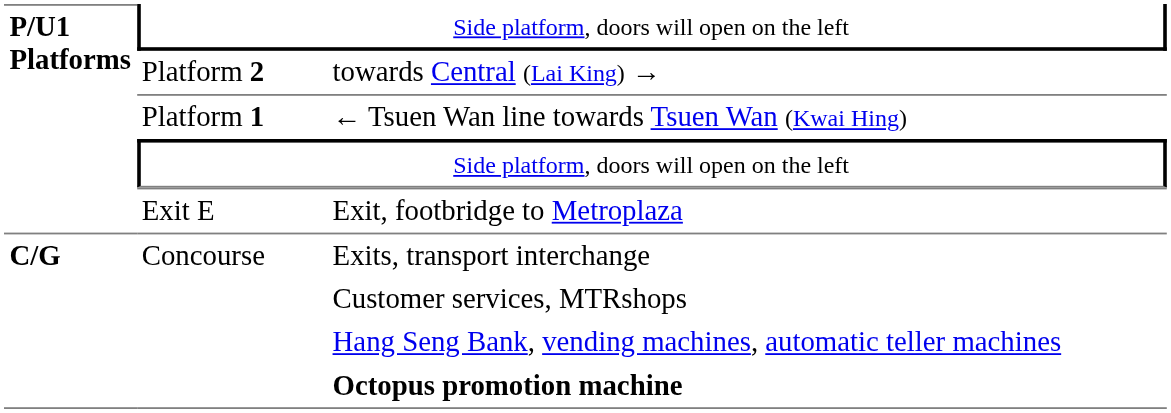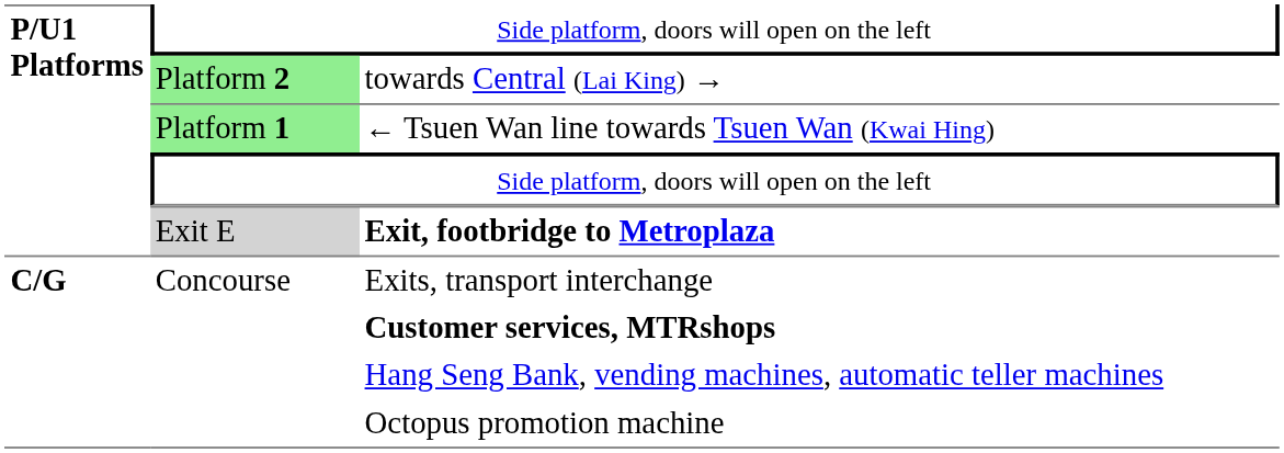 <table border=0 cellspacing=0 cellpadding=3>
 <tr>
 <td style = "border-top:solid 1px gray;border-bottom:solid 1px gray;width:50px;vertical-align:top;" rowspan=5><strong>P/U1<br>Platforms</strong></td>
 <td style = "border-right:solid 2px black;border-left:solid 2px black;border-bottom:solid 2px black;text-align:center;" colspan=2><small><a href='#'>Side platform</a>, doors will open on the left</small></td>
 </tr>
 <tr>
-<td style = "border-bottom:solid 1px gray;">Platform <span><strong>2</strong></span></td>
+<td style = "background: lightgreen; border-bottom:solid 1px gray;">Platform <span><strong>2</strong></span></td>
 <td style = "border-bottom:solid 1px gray;">  towards <a href='#'>Central</a> <small>(<a href='#'>Lai King</a>)</small> →</td>
 </tr>
 <tr>
-<td>Platform <span><strong>1</strong></span></td>
+<td style="background: lightgreen;">Platform <span><strong>1</strong></span></td>
 <td>←  Tsuen Wan line towards <a href='#'>Tsuen Wan</a> <small>(<a href='#'>Kwai Hing</a>)</small></td>
 </tr>
 <tr>
 <td style = "border-top:solid 2px black;border-right:solid 2px black;border-left:solid 2px black;border-bottom:solid 1px gray;text-align:center;" colspan=2><small><a href='#'>Side platform</a>, doors will open on the left</small></td>
 </tr>
 <tr>
-<td style = "border-top:solid 1px gray;border-bottom:solid 1px gray;width:100px;">Exit E</td>
-<td style = "border-top:solid 1px gray;border-bottom:solid 1px gray;width:460px;">Exit, footbridge to <a href='#'>Metroplaza</a></td>
+<td style = "background: lightgrey; border-top:solid 1px gray;border-bottom:solid 1px gray;width:100px;">Exit E</td>
+<td style = "border-top:solid 1px gray;border-bottom:solid 1px gray;width:460px;"><strong>Exit, footbridge to <a href='#'>Metroplaza</a></strong></td>
 </tr>
 <tr>
 <td style = "border-bottom:solid 1px gray;vertical-align:top;" rowspan=4><strong>C/G</strong></td>
 <td style = "border-bottom:solid 1px gray;vertical-align:top;" rowspan=4>Concourse</td>
 <td>Exits, transport interchange</td>
 </tr>
 <tr>
-<td>Customer services, MTRshops</td>
+<td><strong>Customer services, MTRshops</strong></td>
 </tr>
 <tr>
 <td><a href='#'>Hang Seng Bank</a>, <a href='#'>vending machines</a>, <a href='#'>automatic teller machines</a></td>
 </tr>
 <tr>
-<td style = "border-bottom:solid 1px gray;"><strong>Octopus promotion machine</strong></td>
+<td style = "border-bottom:solid 1px gray;">Octopus promotion machine</td>
 </tr>
 </table>
